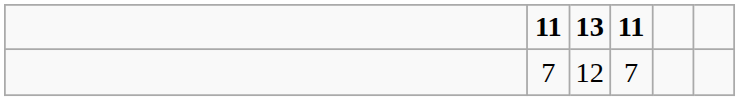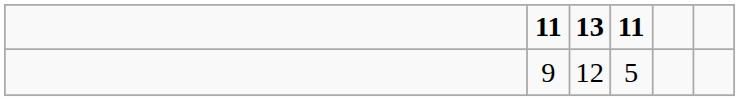 <table class="wikitable">
 <tr>
 <td style="width:18em"><strong></strong></td>
 <td align=center style="width:1em"><strong>11</strong></td>
 <td align=center style="width:1em"><strong>13</strong></td>
 <td align=center style="width:1em"><strong>11</strong></td>
 <td align=center style="width:1em"></td>
 <td align=center style="width:1em"></td>
 </tr>
 <tr>
 <td style="width:18em"></td>
-<td align=center style="width:1em">7</td>
+<td align=center style="width:1em">9</td>
 <td align=center style="width:1em">12</td>
-<td align=center style="width:1em">7</td>
+<td align=center style="width:1em">5</td>
 <td align=center style="width:1em"></td>
 <td align=center style="width:1em"></td>
 </tr>
 </table>
